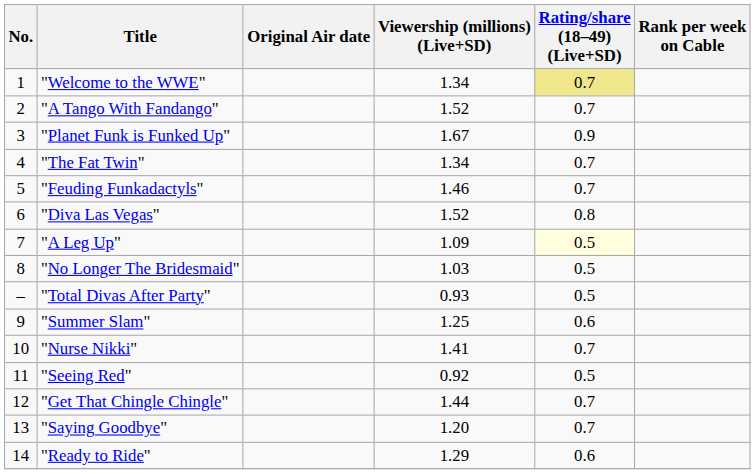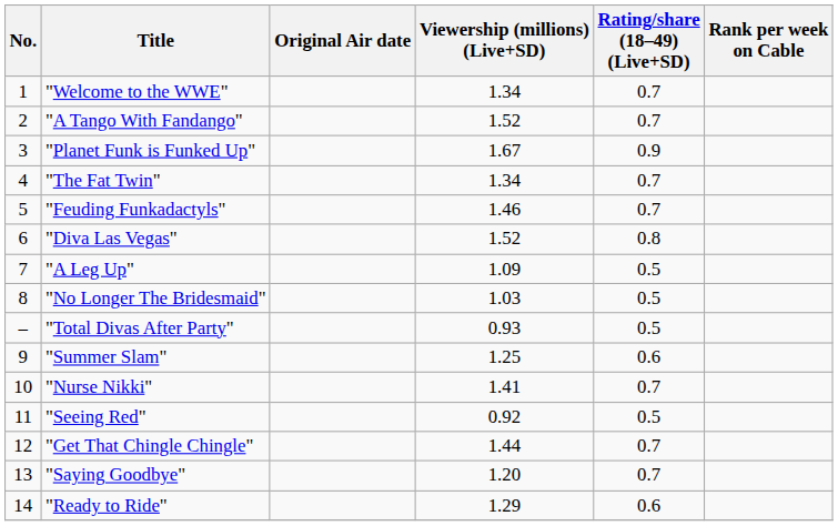 <table class="wikitable sortable" style="text-align:center;">
 <tr>
 <th>No.</th>
 <th>Title</th>
 <th>Original Air date</th>
 <th data-sort-type="number">Viewership (millions)<br>(Live+SD)</th>
 <th data-sort-type="number"><a href='#'>Rating/share</a><br>(18–49)<br>(Live+SD)</th>
 <th data-sort-type="number">Rank per week<br>on Cable</th>
 </tr>
 <tr>
 <td>1</td>
 <td style="text-align:left;">"<a href='#'>Welcome to the WWE</a>"</td>
 <td></td>
 <td>1.34</td>
-<td style="background: khaki;">0.7</td>
+<td>0.7</td>
 <td></td>
 </tr>
 <tr>
 <td>2</td>
 <td style="text-align:left;">"<a href='#'>A Tango With Fandango</a>"</td>
 <td></td>
 <td>1.52</td>
 <td>0.7</td>
 <td></td>
 </tr>
 <tr>
 <td>3</td>
 <td style="text-align:left;">"<a href='#'>Planet Funk is Funked Up</a>"</td>
 <td></td>
 <td>1.67</td>
 <td>0.9</td>
 <td></td>
 </tr>
 <tr>
 <td>4</td>
 <td style="text-align:left;">"<a href='#'>The Fat Twin</a>"</td>
 <td></td>
 <td>1.34</td>
 <td>0.7</td>
 <td></td>
 </tr>
 <tr>
 <td>5</td>
 <td style="text-align:left;">"<a href='#'>Feuding Funkadactyls</a>"</td>
 <td></td>
 <td>1.46</td>
 <td>0.7</td>
 <td></td>
 </tr>
 <tr>
 <td>6</td>
 <td style="text-align:left;">"<a href='#'>Diva Las Vegas</a>"</td>
 <td></td>
 <td>1.52</td>
 <td>0.8</td>
 <td></td>
 </tr>
 <tr>
 <td>7</td>
 <td style="text-align:left;">"<a href='#'>A Leg Up</a>"</td>
 <td></td>
 <td>1.09</td>
-<td style="background: lightyellow;">0.5</td>
+<td>0.5</td>
 <td></td>
 </tr>
 <tr>
 <td>8</td>
 <td style="text-align:left;">"<a href='#'>No Longer The Bridesmaid</a>"</td>
 <td></td>
 <td>1.03</td>
 <td>0.5</td>
 <td></td>
 </tr>
 <tr>
 <td>–</td>
 <td style="text-align:left;">"<a href='#'>Total Divas After Party</a>"</td>
 <td></td>
 <td>0.93</td>
 <td>0.5</td>
 <td></td>
 </tr>
 <tr>
 <td>9</td>
 <td style="text-align:left;">"<a href='#'>Summer Slam</a>"</td>
 <td></td>
 <td>1.25</td>
 <td>0.6</td>
 <td></td>
 </tr>
 <tr>
 <td>10</td>
 <td style="text-align:left;">"<a href='#'>Nurse Nikki</a>"</td>
 <td></td>
 <td>1.41</td>
 <td>0.7</td>
 <td></td>
 </tr>
 <tr>
 <td>11</td>
 <td style="text-align:left;">"<a href='#'>Seeing Red</a>"</td>
 <td></td>
 <td>0.92</td>
 <td>0.5</td>
 <td></td>
 </tr>
 <tr>
 <td>12</td>
 <td style="text-align:left;">"<a href='#'>Get That Chingle Chingle</a>"</td>
 <td></td>
 <td>1.44</td>
 <td>0.7</td>
 <td></td>
 </tr>
 <tr>
 <td>13</td>
 <td style="text-align:left;">"<a href='#'>Saying Goodbye</a>"</td>
 <td></td>
 <td>1.20</td>
 <td>0.7</td>
 <td></td>
 </tr>
 <tr>
 <td>14</td>
 <td style="text-align:left;">"<a href='#'>Ready to Ride</a>"</td>
 <td></td>
 <td>1.29</td>
 <td>0.6</td>
 <td></td>
 </tr>
 <tr>
 </tr>
 </table>
